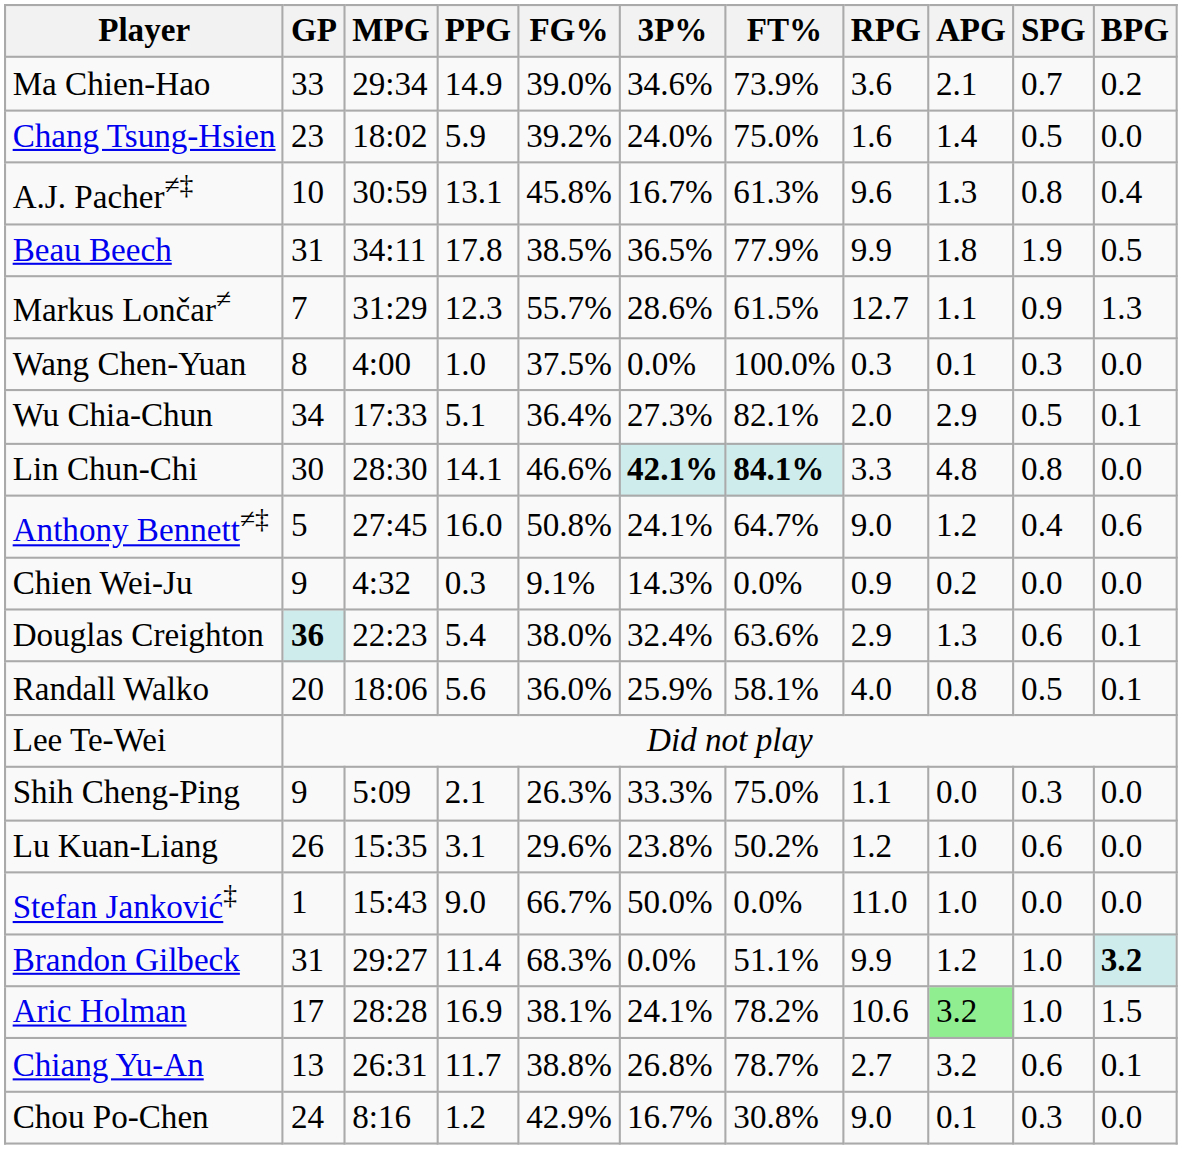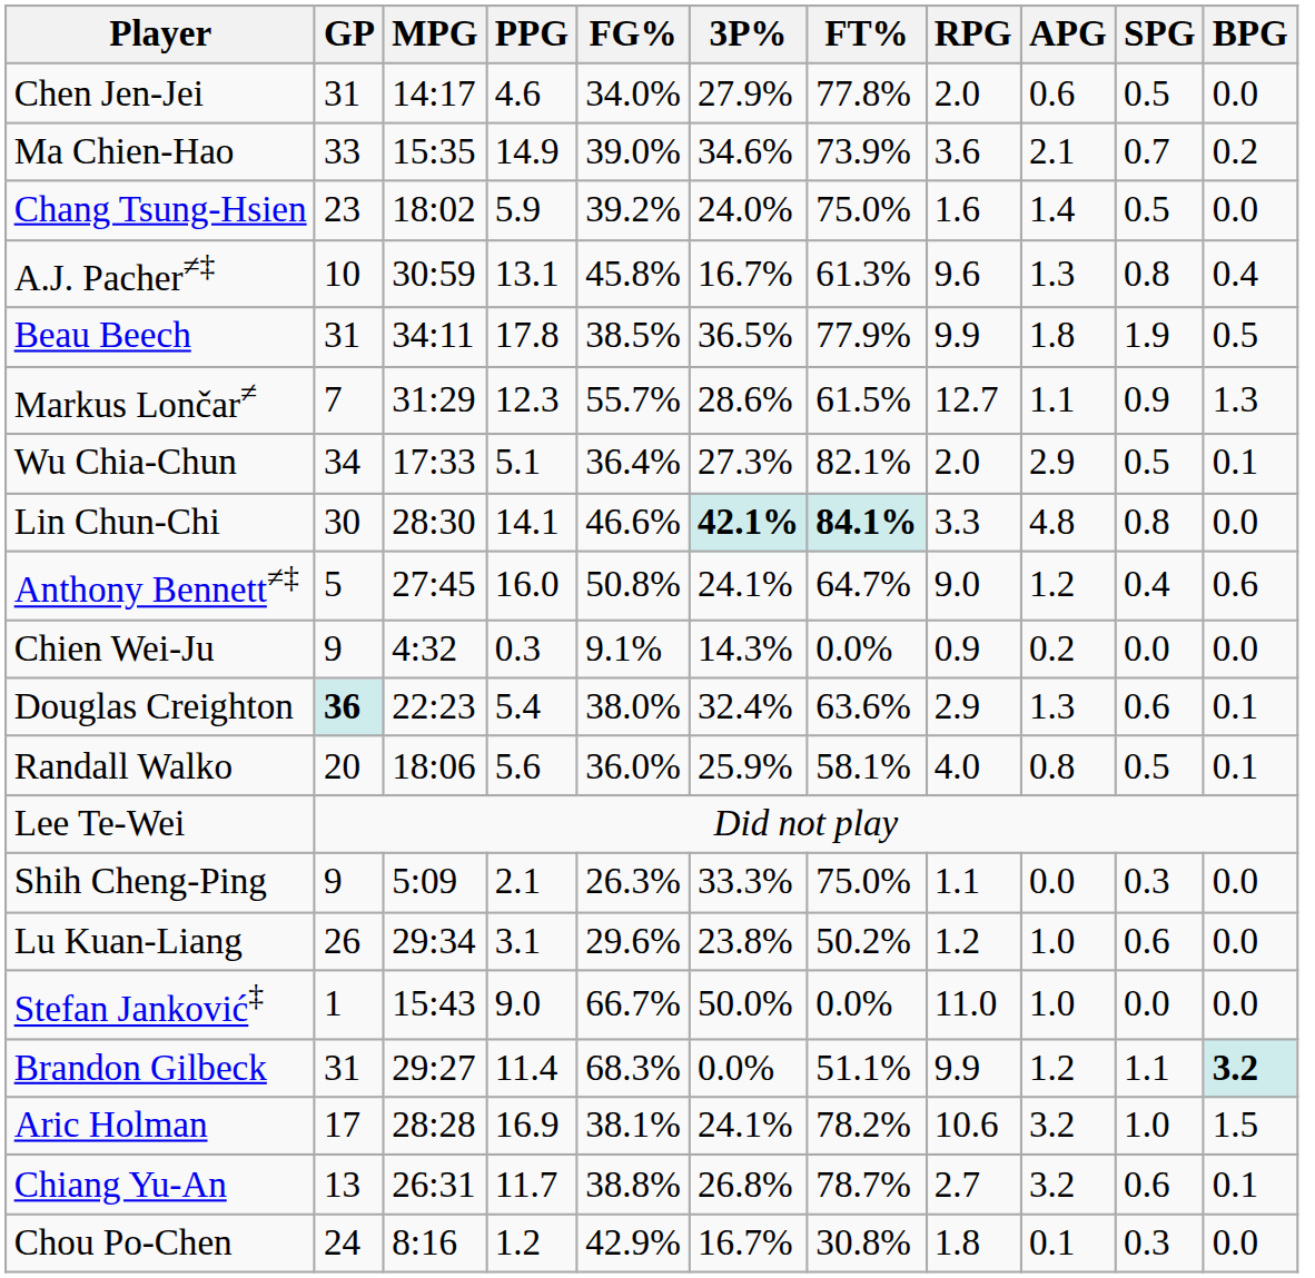 <table class="wikitable">
 <tr>
 <th>Player</th>
 <th>GP</th>
 <th>MPG</th>
 <th>PPG</th>
 <th>FG%</th>
 <th>3P%</th>
 <th>FT%</th>
 <th>RPG</th>
 <th>APG</th>
 <th>SPG</th>
 <th>BPG</th>
 </tr>
 <tr>
+<td>Chen Jen-Jei</td>
+<td>31</td>
+<td>14:17</td>
+<td>4.6</td>
+<td>34.0%</td>
+<td>27.9%</td>
+<td>77.8%</td>
+<td>2.0</td>
+<td>0.6</td>
+<td>0.5</td>
+<td>0.0</td>
+</tr>
+<tr>
 <td>Ma Chien-Hao</td>
 <td>33</td>
-<td>29:34</td>
+<td>15:35</td>
 <td>14.9</td>
 <td>39.0%</td>
 <td>34.6%</td>
 <td>73.9%</td>
 <td>3.6</td>
 <td>2.1</td>
 <td>0.7</td>
 <td>0.2</td>
 </tr>
 <tr>
 <td><a href='#'>Chang Tsung-Hsien</a></td>
 <td>23</td>
 <td>18:02</td>
 <td>5.9</td>
 <td>39.2%</td>
 <td>24.0%</td>
 <td>75.0%</td>
 <td>1.6</td>
 <td>1.4</td>
 <td>0.5</td>
 <td>0.0</td>
 </tr>
 <tr>
 <td>A.J. Pacher<sup>≠‡</sup></td>
 <td>10</td>
 <td>30:59</td>
 <td>13.1</td>
 <td>45.8%</td>
 <td>16.7%</td>
 <td>61.3%</td>
 <td>9.6</td>
 <td>1.3</td>
 <td>0.8</td>
 <td>0.4</td>
 </tr>
 <tr>
 <td><a href='#'>Beau Beech</a></td>
 <td>31</td>
 <td>34:11</td>
 <td>17.8</td>
 <td>38.5%</td>
 <td>36.5%</td>
 <td>77.9%</td>
 <td>9.9</td>
 <td>1.8</td>
 <td>1.9</td>
 <td>0.5</td>
 </tr>
 <tr>
 <td>Markus Lončar<sup>≠</sup></td>
 <td>7</td>
 <td>31:29</td>
 <td>12.3</td>
 <td>55.7%</td>
 <td>28.6%</td>
 <td>61.5%</td>
 <td>12.7</td>
 <td>1.1</td>
 <td>0.9</td>
 <td>1.3</td>
-</tr>
-<tr>
-<td>Wang Chen-Yuan</td>
-<td>8</td>
-<td>4:00</td>
-<td>1.0</td>
-<td>37.5%</td>
-<td>0.0%</td>
-<td>100.0%</td>
-<td>0.3</td>
-<td>0.1</td>
-<td>0.3</td>
-<td>0.0</td>
 </tr>
 <tr>
 <td>Wu Chia-Chun</td>
 <td>34</td>
 <td>17:33</td>
 <td>5.1</td>
 <td>36.4%</td>
 <td>27.3%</td>
 <td>82.1%</td>
 <td>2.0</td>
 <td>2.9</td>
 <td>0.5</td>
 <td>0.1</td>
 </tr>
 <tr>
 <td>Lin Chun-Chi</td>
 <td>30</td>
 <td>28:30</td>
 <td>14.1</td>
 <td>46.6%</td>
 <td style="background-color: #CFECEC"><strong>42.1%</strong></td>
 <td style="background-color: #CFECEC"><strong>84.1%</strong></td>
 <td>3.3</td>
 <td>4.8</td>
 <td>0.8</td>
 <td>0.0</td>
 </tr>
 <tr>
 <td><a href='#'>Anthony Bennett</a><sup>≠‡</sup></td>
 <td>5</td>
 <td>27:45</td>
 <td>16.0</td>
 <td>50.8%</td>
 <td>24.1%</td>
 <td>64.7%</td>
 <td>9.0</td>
 <td>1.2</td>
 <td>0.4</td>
 <td>0.6</td>
 </tr>
 <tr>
 <td>Chien Wei-Ju</td>
 <td>9</td>
 <td>4:32</td>
 <td>0.3</td>
 <td>9.1%</td>
 <td>14.3%</td>
 <td>0.0%</td>
 <td>0.9</td>
 <td>0.2</td>
 <td>0.0</td>
 <td>0.0</td>
 </tr>
 <tr>
 <td>Douglas Creighton</td>
 <td style="background-color: #CFECEC"><strong>36</strong></td>
 <td>22:23</td>
 <td>5.4</td>
 <td>38.0%</td>
 <td>32.4%</td>
 <td>63.6%</td>
 <td>2.9</td>
 <td>1.3</td>
 <td>0.6</td>
 <td>0.1</td>
 </tr>
 <tr>
 <td>Randall Walko</td>
 <td>20</td>
 <td>18:06</td>
 <td>5.6</td>
 <td>36.0%</td>
 <td>25.9%</td>
 <td>58.1%</td>
 <td>4.0</td>
 <td>0.8</td>
 <td>0.5</td>
 <td>0.1</td>
 </tr>
 <tr>
 <td>Lee Te-Wei</td>
 <td colspan=10 align=center><em>Did not play</em></td>
 </tr>
 <tr>
 <td>Shih Cheng-Ping</td>
 <td>9</td>
 <td>5:09</td>
 <td>2.1</td>
 <td>26.3%</td>
 <td>33.3%</td>
 <td>75.0%</td>
 <td>1.1</td>
 <td>0.0</td>
 <td>0.3</td>
 <td>0.0</td>
 </tr>
 <tr>
 <td>Lu Kuan-Liang</td>
 <td>26</td>
-<td>15:35</td>
+<td>29:34</td>
 <td>3.1</td>
 <td>29.6%</td>
 <td>23.8%</td>
 <td>50.2%</td>
 <td>1.2</td>
 <td>1.0</td>
 <td>0.6</td>
 <td>0.0</td>
 </tr>
 <tr>
 <td><a href='#'>Stefan Janković</a><sup>‡</sup></td>
 <td>1</td>
 <td>15:43</td>
 <td>9.0</td>
 <td>66.7%</td>
 <td>50.0%</td>
 <td>0.0%</td>
 <td>11.0</td>
 <td>1.0</td>
 <td>0.0</td>
 <td>0.0</td>
 </tr>
 <tr>
 <td><a href='#'>Brandon Gilbeck</a></td>
 <td>31</td>
 <td>29:27</td>
 <td>11.4</td>
 <td>68.3%</td>
 <td>0.0%</td>
 <td>51.1%</td>
 <td>9.9</td>
 <td>1.2</td>
-<td>1.0</td>
+<td>1.1</td>
 <td style="background-color: #CFECEC"><strong>3.2</strong></td>
 </tr>
 <tr>
 <td><a href='#'>Aric Holman</a></td>
 <td>17</td>
 <td>28:28</td>
 <td>16.9</td>
 <td>38.1%</td>
 <td>24.1%</td>
 <td>78.2%</td>
 <td>10.6</td>
-<td style="background: lightgreen;">3.2</td>
+<td>3.2</td>
 <td>1.0</td>
 <td>1.5</td>
 </tr>
 <tr>
 <td><a href='#'>Chiang Yu-An</a></td>
 <td>13</td>
 <td>26:31</td>
 <td>11.7</td>
 <td>38.8%</td>
 <td>26.8%</td>
 <td>78.7%</td>
 <td>2.7</td>
 <td>3.2</td>
 <td>0.6</td>
 <td>0.1</td>
 </tr>
 <tr>
 <td>Chou Po-Chen</td>
 <td>24</td>
 <td>8:16</td>
 <td>1.2</td>
 <td>42.9%</td>
 <td>16.7%</td>
 <td>30.8%</td>
-<td>9.0</td>
+<td>1.8</td>
 <td>0.1</td>
 <td>0.3</td>
 <td>0.0</td>
 </tr>
 </table>
